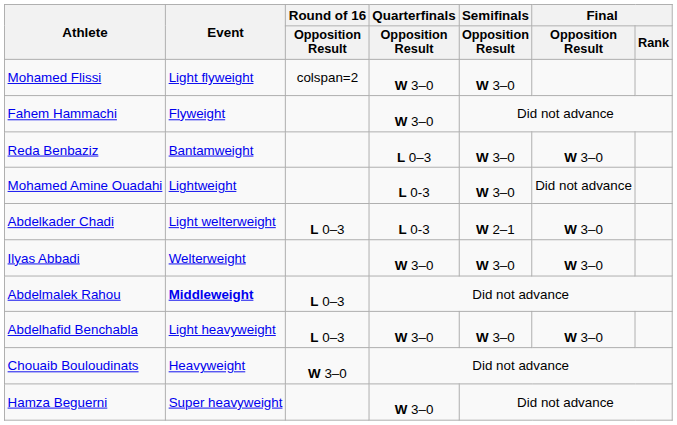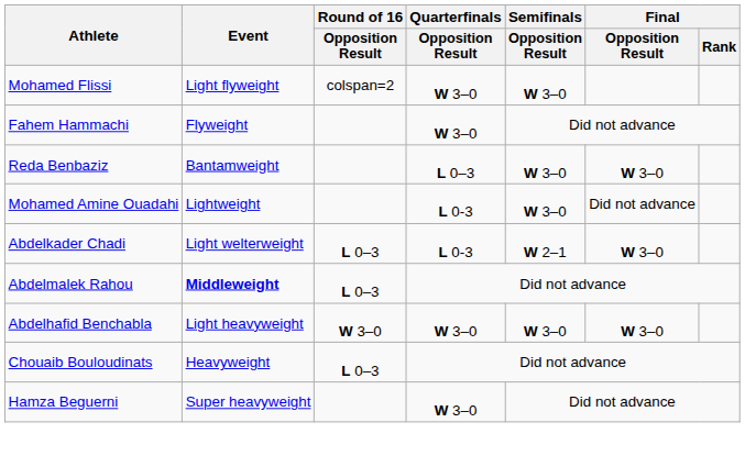 <table class="wikitable" style="font-size:90%">
 <tr>
 <th rowspan=2>Athlete</th>
 <th rowspan=2>Event</th>
 <th>Round of 16</th>
 <th>Quarterfinals</th>
 <th>Semifinals</th>
 <th colspan=2>Final</th>
 </tr>
 <tr style="font-size:95%">
 <th>Opposition<br>Result</th>
 <th>Opposition<br>Result</th>
 <th>Opposition<br>Result</th>
 <th>Opposition<br>Result</th>
 <th>Rank</th>
 </tr>
 <tr align=center>
 <td align=left><a href='#'>Mohamed Flissi</a></td>
 <td align=left><a href='#'>Light flyweight</a></td>
 <td>colspan=2 </td>
 <td><br><strong>W</strong> 3–0</td>
 <td><br><strong>W</strong> 3–0</td>
 <td></td>
 </tr>
 <tr align=center>
 <td align=left><a href='#'>Fahem Hammachi</a></td>
 <td align=left><a href='#'>Flyweight</a></td>
 <td></td>
 <td><br><strong>W</strong> 3–0</td>
 <td colspan=3>Did not advance</td>
 </tr>
 <tr align=center>
 <td align=left><a href='#'>Reda Benbaziz</a></td>
 <td align=left><a href='#'>Bantamweight</a></td>
 <td></td>
 <td><br><strong>L</strong> 0–3</td>
 <td><br><strong>W</strong> 3–0</td>
 <td><br><strong>W</strong> 3–0</td>
 <td></td>
 </tr>
 <tr align=center>
 <td align=left><a href='#'>Mohamed Amine Ouadahi</a></td>
 <td align=left><a href='#'>Lightweight</a></td>
 <td></td>
 <td><br><strong>L</strong> 0-3</td>
 <td><br><strong>W</strong> 3–0</td>
 <td>Did not advance</td>
 <td></td>
 </tr>
 <tr align=center>
 <td align=left><a href='#'>Abdelkader Chadi</a></td>
 <td align=left><a href='#'>Light welterweight</a></td>
 <td><br><strong>L</strong> 0–3</td>
 <td><br><strong>L</strong> 0-3</td>
 <td><br><strong>W</strong> 2–1</td>
 <td><br><strong>W</strong> 3–0</td>
 <td></td>
 </tr>
 <tr align=center>
-<td align=left><a href='#'>Ilyas Abbadi</a></td>
-<td align=left><a href='#'>Welterweight</a></td>
-<td></td>
-<td><br><strong>W</strong> 3–0</td>
-<td><br><strong>W</strong> 3–0</td>
-<td><br><strong>W</strong> 3–0</td>
-<td></td>
-</tr>
-<tr align=center>
 <td align=left><a href='#'>Abdelmalek Rahou</a></td>
 <td align=left><strong><a href='#'>Middleweight</a></strong></td>
 <td><br><strong>L</strong> 0–3</td>
 <td colspan=4>Did not advance</td>
 </tr>
 <tr align=center>
 <td align=left><a href='#'>Abdelhafid Benchabla</a></td>
 <td align=left><a href='#'>Light heavyweight</a></td>
-<td><br><strong>L</strong> 0–3</td>
+<td><br><strong>W</strong> 3–0</td>
 <td><br><strong>W</strong> 3–0</td>
 <td><br><strong>W</strong> 3–0</td>
 <td><br><strong>W</strong> 3–0</td>
 <td></td>
 </tr>
 <tr align=center>
 <td align=left><a href='#'>Chouaib Bouloudinats</a></td>
 <td align=left><a href='#'>Heavyweight</a></td>
-<td><br><strong>W</strong> 3–0</td>
+<td><br><strong>L</strong> 0–3</td>
 <td colspan=4>Did not advance</td>
 </tr>
 <tr align=center>
 <td align=left><a href='#'>Hamza Beguerni</a></td>
 <td align=left><a href='#'>Super heavyweight</a></td>
 <td></td>
 <td><br><strong>W</strong> 3–0</td>
 <td colspan=3>Did not advance</td>
 </tr>
 </table>
